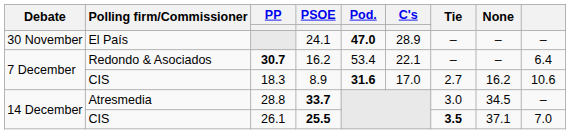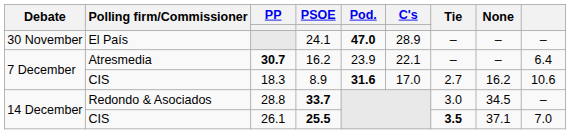 <table class="wikitable" style="font-size:90%; text-align:center;">
 <tr>
 <th rowspan="2">Debate</th>
 <th rowspan="2">Polling firm/Commissioner</th>
 <th style="width:45px;"><a href='#'>PP</a></th>
 <th style="width:45px;"><a href='#'>PSOE</a></th>
 <th style="width:45px;"><a href='#'>Pod.</a></th>
 <th style="width:45px;"><a href='#'>C's</a></th>
 <th style="width:45px;" rowspan="2">Tie</th>
 <th style="width:45px;" rowspan="2">None</th>
 <th style="width:45px;" rowspan="2"></th>
 </tr>
 <tr>
 <th style="color:inherit;background:"></th>
 <th style="color:inherit;background:"></th>
 <th style="color:inherit;background:"></th>
 <th style="color:inherit;background:"></th>
 </tr>
 <tr>
 <td align="left">30 November</td>
 <td align="left">El País</td>
 <td style="background:#E9E9E9;"></td>
 <td>24.1</td>
 <td><strong>47.0</strong></td>
 <td>28.9</td>
 <td>–</td>
 <td>–</td>
 <td>–</td>
 </tr>
 <tr>
 <td rowspan="2" align="left">7 December</td>
-<td align="left">Redondo & Asociados</td>
+<td align="left">Atresmedia</td>
 <td><strong>30.7</strong></td>
 <td>16.2</td>
-<td>53.4</td>
+<td>23.9</td>
 <td>22.1</td>
 <td>–</td>
 <td>–</td>
 <td>6.4</td>
 </tr>
 <tr>
 <td align="left">CIS</td>
 <td>18.3</td>
 <td>8.9</td>
 <td><strong>31.6</strong></td>
 <td>17.0</td>
 <td>2.7</td>
 <td>16.2</td>
 <td>10.6</td>
 </tr>
 <tr>
 <td rowspan="2" align="left">14 December</td>
-<td align="left">Atresmedia</td>
+<td align="left">Redondo & Asociados</td>
 <td>28.8</td>
 <td><strong>33.7</strong></td>
 <td rowspan="2" colspan="2" style="background:#E9E9E9;"></td>
 <td>3.0</td>
 <td>34.5</td>
 <td>–</td>
 </tr>
 <tr>
 <td align="left">CIS</td>
 <td>26.1</td>
 <td><strong>25.5</strong></td>
 <td><strong>3.5</strong></td>
 <td>37.1</td>
 <td>7.0</td>
 </tr>
 </table>
